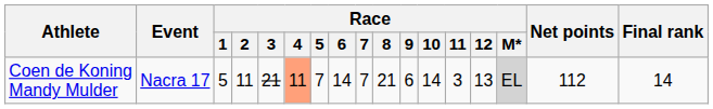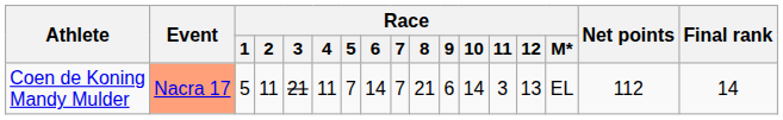 <table class="wikitable" style="font-size:90%">
 <tr>
 <th rowspan="2">Athlete</th>
 <th rowspan="2">Event</th>
 <th colspan=13>Race</th>
 <th rowspan=2>Net points</th>
 <th rowspan=2>Final rank</th>
 </tr>
 <tr style="font-size:95%">
 <th>1</th>
 <th>2</th>
 <th>3</th>
 <th>4</th>
 <th>5</th>
 <th>6</th>
 <th>7</th>
 <th>8</th>
 <th>9</th>
 <th>10</th>
 <th>11</th>
 <th>12</th>
 <th>M*</th>
 </tr>
 <tr align=center>
 <td align=left><a href='#'>Coen de Koning</a><br><a href='#'>Mandy Mulder</a></td>
-<td align=left><a href='#'>Nacra 17</a></td>
+<td align=left style="background: lightsalmon;"><a href='#'>Nacra 17</a></td>
 <td>5</td>
 <td>11</td>
 <td><s>21</s></td>
-<td style="background: lightsalmon;">11</td>
+<td>11</td>
 <td>7</td>
 <td>14</td>
 <td>7</td>
 <td>21</td>
 <td>6</td>
 <td>14</td>
 <td>3</td>
 <td>13</td>
-<td style="background: lightgrey;">EL</td>
+<td>EL</td>
 <td>112</td>
 <td>14</td>
 </tr>
 </table>
